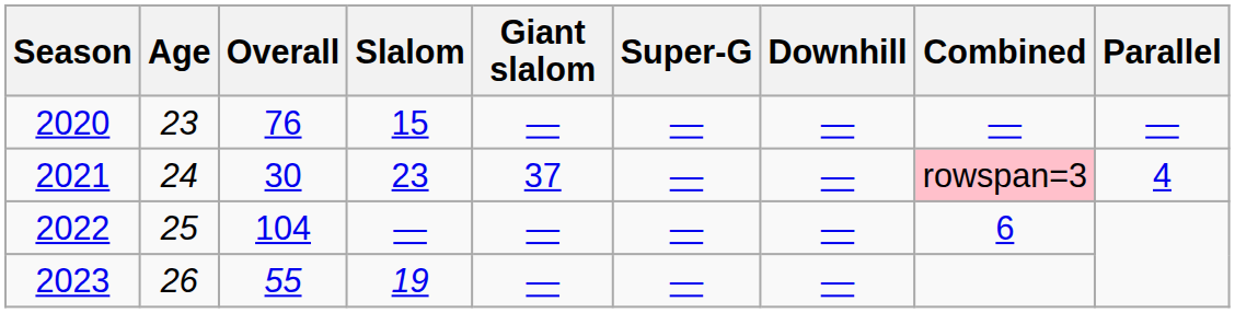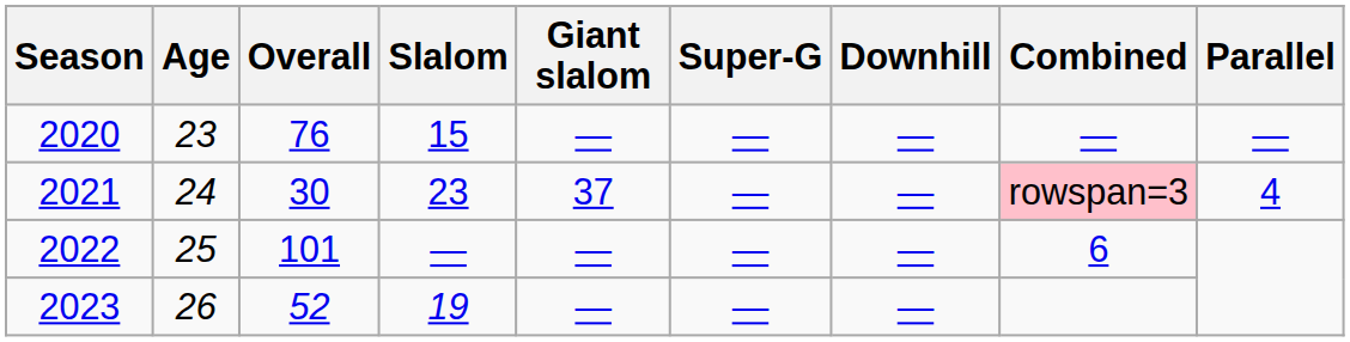 <table class=wikitable style="text-align:center; font-size:95%;">
 <tr>
 <th>Season</th>
 <th>Age</th>
 <th>Overall</th>
 <th>Slalom</th>
 <th>Giant<br> slalom </th>
 <th>Super-G</th>
 <th>Downhill</th>
 <th>Combined</th>
 <th>Parallel</th>
 </tr>
 <tr>
 <td><a href='#'>2020</a></td>
 <td><em>23</em></td>
 <td><a href='#'>76</a></td>
 <td><a href='#'>15</a></td>
 <td><a href='#'>—</a></td>
 <td><a href='#'>—</a></td>
 <td><a href='#'>—</a></td>
 <td><a href='#'>—</a></td>
 <td><a href='#'>—</a></td>
 </tr>
 <tr>
 <td><a href='#'>2021</a></td>
 <td><em>24</em></td>
 <td><a href='#'>30</a></td>
 <td><a href='#'>23</a></td>
 <td><a href='#'>37</a></td>
 <td><a href='#'>—</a></td>
 <td><a href='#'>—</a></td>
 <td style="background: pink;">rowspan=3 </td>
 <td><a href='#'>4</a></td>
 </tr>
 <tr>
 <td><a href='#'>2022</a></td>
 <td><em>25</em></td>
-<td><a href='#'>104</a></td>
+<td><a href='#'>101</a></td>
 <td><a href='#'>—</a></td>
 <td><a href='#'>—</a></td>
 <td><a href='#'>—</a></td>
 <td><a href='#'>—</a></td>
 <td><a href='#'>6</a></td>
 </tr>
 <tr>
 <td><a href='#'>2023</a></td>
 <td><em>26</em></td>
-<td><em><a href='#'>55</a></em></td>
+<td><em><a href='#'>52</a></em></td>
 <td><em><a href='#'>19</a></em></td>
 <td><a href='#'>—</a></td>
 <td><a href='#'>—</a></td>
 <td><a href='#'>—</a></td>
 <td></td>
 </tr>
 </table>
